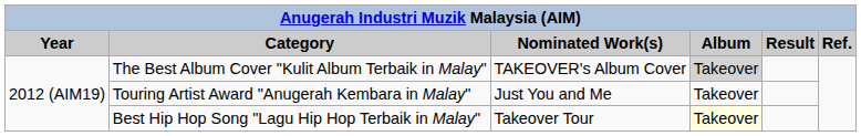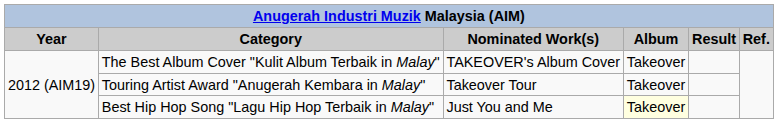 <table class="wikitable" style="font-size:90%;">
 <tr>
 <th colspan=6 style="background:#B0C4DE;"><a href='#'>Anugerah Industri Muzik</a> Malaysia (AIM)</th>
 </tr>
 <tr align="center">
 <th style="background: #CCCCCC;">Year</th>
 <th style="background: #CCCCCC;">Category</th>
 <th style="background: #CCCCCC;">Nominated Work(s)</th>
 <th style="background: #CCCCCC;">Album</th>
 <th style="background: #CCCCCC;">Result</th>
 <th style="background: #CCCCCC;">Ref.</th>
 </tr>
 <tr>
 <td rowspan="3">2012 (AIM19)</td>
 <td>The Best Album Cover "Kulit Album Terbaik in <em>Malay</em>"</td>
 <td>TAKEOVER's Album Cover</td>
-<td style="background: lightgrey;">Takeover</td>
+<td>Takeover</td>
 <td></td>
 <td rowspan="5" align="center"></td>
 </tr>
 <tr>
 <td>Touring Artist Award "Anugerah Kembara in <em>Malay</em>"</td>
-<td>Just You and Me</td>
+<td>Takeover Tour</td>
 <td>Takeover</td>
 <td></td>
 </tr>
 <tr>
 <td>Best Hip Hop Song "Lagu Hip Hop Terbaik in <em>Malay</em>"</td>
-<td>Takeover Tour</td>
+<td>Just You and Me</td>
 <td style="background: lightyellow;">Takeover</td>
 <td></td>
 </tr>
 </table>
